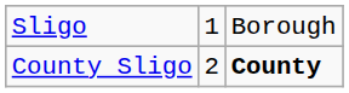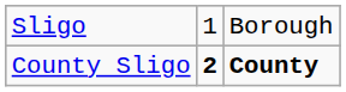 <table class="wikitable sortable">
 <tr>
 <td><a href='#'>Sligo</a></td>
 <td align="center">1</td>
 <td>Borough</td>
 </tr>
 <tr>
 <td><a href='#'>County Sligo</a></td>
-<td align="center">2</td>
+<td align="center"><strong>2</strong></td>
 <td><strong>County</strong></td>
 </tr>
 </table>
